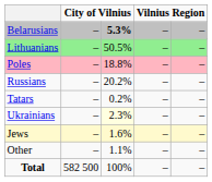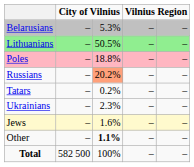 <table class="wikitable sortable">
 <tr style="text-align:center">
 <th></th>
 <td colspan="2"><strong>City of Vilnius</strong></td>
 <td colspan="2"><strong>Vilnius Region</strong></td>
 </tr>
 <tr style="text-align:right; background:#C0C0C0">
 <td style="text-align:left;"><a href='#'>Belarusians</a></td>
 <td>–</td>
-<td><strong>5.3%</strong></td>
+<td>5.3%</td>
 <td>–</td>
 <td>–</td>
 </tr>
 <tr style="text-align:right; background:#90EE90">
 <td style="text-align:left;"><a href='#'>Lithuanians</a></td>
 <td>–</td>
 <td>50.5%</td>
 <td>–</td>
 <td>–</td>
 </tr>
 <tr style="text-align:right; background:#FFB6C1">
 <td style="text-align:left; "><a href='#'>Poles</a></td>
 <td>–</td>
 <td>18.8%</td>
 <td>–</td>
 <td>–</td>
 </tr>
 <tr style="text-align:right">
 <td style="text-align:left; "><a href='#'>Russians</a></td>
 <td>–</td>
-<td>20.2%</td>
+<td style="background: lightsalmon;">20.2%</td>
 <td>–</td>
 <td>–</td>
 </tr>
 <tr style="text-align:right">
 <td style="text-align:left; "><a href='#'>Tatars</a></td>
 <td>–</td>
 <td>0.2%</td>
 <td>–</td>
 <td>–</td>
 </tr>
 <tr style="text-align:right">
 <td style="text-align:left; "><a href='#'>Ukrainians</a></td>
 <td>–</td>
-<td style="background: lightyellow;">2.3%</td>
+<td>2.3%</td>
 <td>–</td>
 <td>–</td>
 </tr>
 <tr style="text-align:right; background:#FFFACD">
 <td style="text-align:left; ">Jews</td>
 <td>–</td>
 <td>1.6%</td>
 <td>–</td>
 <td>–</td>
 </tr>
 <tr style="text-align:right">
 <td style="text-align:left; ">Other</td>
 <td>–</td>
-<td>1.1%</td>
+<td><strong>1.1%</strong></td>
 <td>–</td>
 <td>–</td>
 </tr>
 <tr style="text-align:right">
 <td style="text-align:center;"><strong>Total</strong></td>
 <td>582 500</td>
 <td>100%</td>
 <td>–</td>
 <td>–</td>
 </tr>
 </table>
